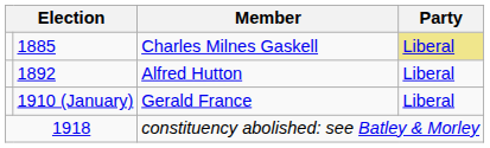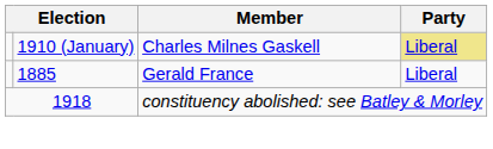 <table class="wikitable">
 <tr>
 <th colspan="2">Election</th>
 <th>Member</th>
 <th>Party</th>
 </tr>
 <tr>
 <td style="color:inherit;background-color: "></td>
-<td><a href='#'>1885</a></td>
+<td><a href='#'>1910 (January)</a></td>
 <td><a href='#'>Charles Milnes Gaskell</a></td>
 <td style="background: khaki;"><a href='#'>Liberal</a></td>
 </tr>
 <tr>
 <td style="color:inherit;background-color: "></td>
-<td><a href='#'>1892</a></td>
-<td><a href='#'>Alfred Hutton</a></td>
-<td><a href='#'>Liberal</a></td>
-</tr>
-<tr>
-<td style="color:inherit;background-color: "></td>
-<td><a href='#'>1910 (January)</a></td>
+<td><a href='#'>1885</a></td>
 <td><a href='#'>Gerald France</a></td>
 <td><a href='#'>Liberal</a></td>
 </tr>
 <tr>
 <td colspan="2" align="center"><a href='#'>1918</a></td>
 <td colspan="2"><em>constituency abolished: see <a href='#'>Batley & Morley</a></em></td>
 </tr>
 </table>
